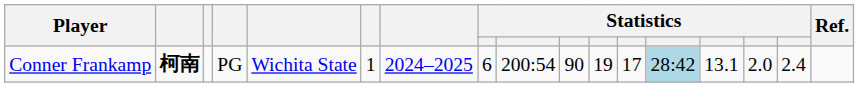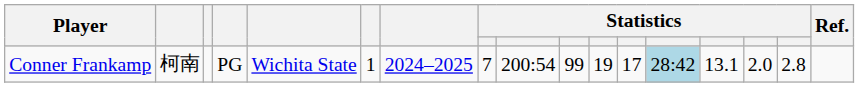 <table class="wikitable sortable" style="font-size:95%; text-align:right;">
 <tr>
 <th rowspan="2">Player</th>
 <th rowspan="2"></th>
 <th rowspan="2"></th>
 <th rowspan="2"></th>
 <th rowspan="2"></th>
 <th rowspan="2"></th>
 <th rowspan="2"></th>
 <th colspan="9">Statistics</th>
 <th rowspan="2">Ref.</th>
 </tr>
 <tr>
 <th></th>
 <th></th>
 <th></th>
 <th></th>
 <th></th>
 <th></th>
 <th></th>
 <th></th>
 <th></th>
 </tr>
 <tr>
 <td align="left"><a href='#'>Conner Frankamp</a></td>
-<td align="left"><strong>柯南</strong></td>
+<td align="left">柯南</td>
 <td align="center"></td>
 <td align="center">PG</td>
 <td align="left"><a href='#'>Wichita State</a></td>
 <td align="center">1</td>
 <td align="center"><a href='#'>2024–2025</a></td>
-<td>6</td>
+<td>7</td>
 <td>200:54</td>
-<td>90</td>
+<td>99</td>
 <td>19</td>
 <td>17</td>
 <td style="background: lightblue;">28:42</td>
 <td>13.1</td>
 <td>2.0</td>
-<td>2.4</td>
+<td>2.8</td>
 <td align="center"></td>
 </tr>
 </table>
